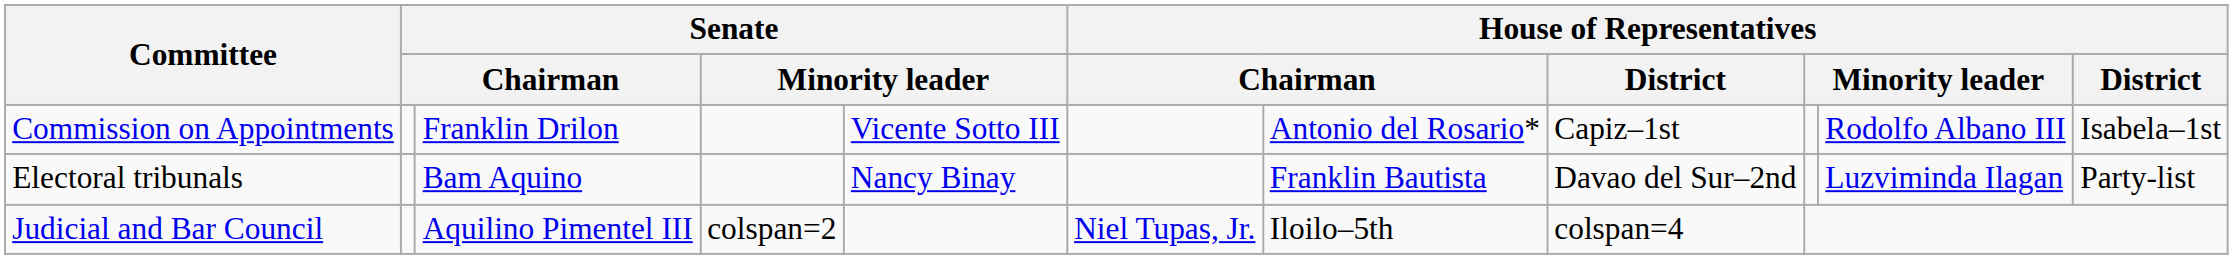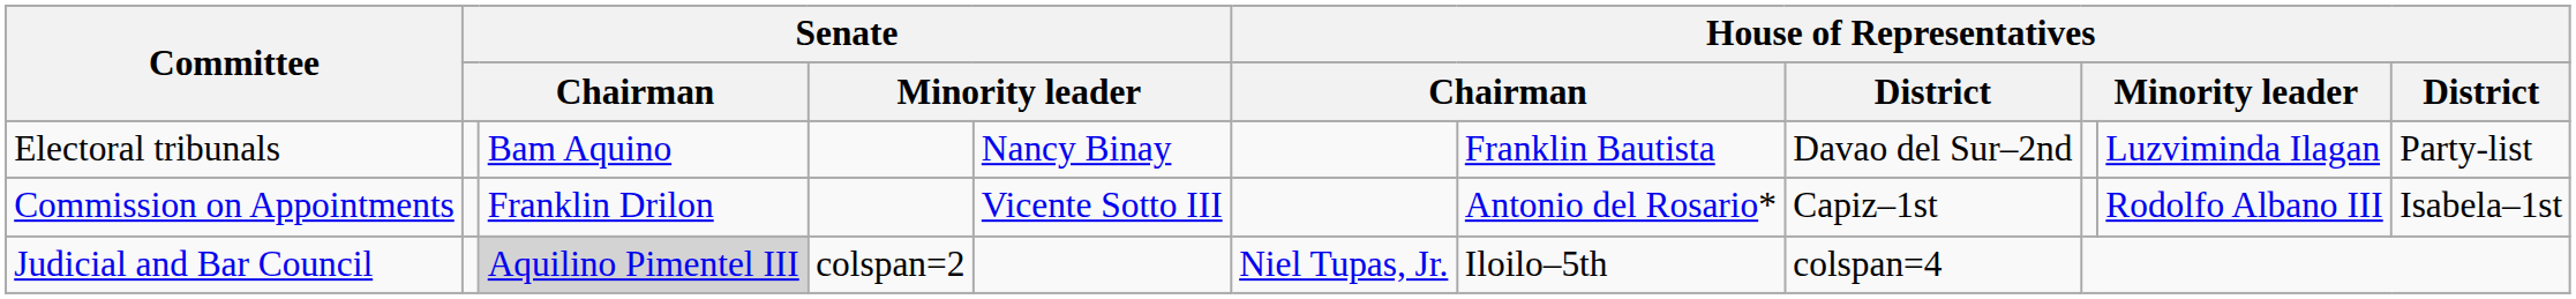 <table class=wikitable>
 <tr>
 <th rowspan=2>Committee</th>
 <th colspan=4>Senate</th>
 <th colspan=6>House of Representatives</th>
 </tr>
 <tr>
 <th colspan=2>Chairman</th>
 <th colspan=2>Minority leader</th>
 <th colspan=2>Chairman</th>
 <th>District</th>
 <th colspan=2>Minority leader</th>
 <th>District</th>
 </tr>
 <tr>
+<td>Electoral tribunals</td>
+<td></td>
+<td><a href='#'>Bam Aquino</a></td>
+<td></td>
+<td><a href='#'>Nancy Binay</a></td>
+<td></td>
+<td><a href='#'>Franklin Bautista</a></td>
+<td>Davao del Sur–2nd</td>
+<td></td>
+<td><a href='#'>Luzviminda Ilagan</a></td>
+<td>Party-list</td>
+</tr>
+<tr>
 <td><a href='#'>Commission on Appointments</a></td>
 <td></td>
 <td><a href='#'>Franklin Drilon</a></td>
 <td></td>
 <td><a href='#'>Vicente Sotto III</a></td>
 <td></td>
 <td><a href='#'>Antonio del Rosario</a>*</td>
 <td>Capiz–1st</td>
 <td></td>
 <td><a href='#'>Rodolfo Albano III</a></td>
 <td>Isabela–1st</td>
 </tr>
 <tr>
-<td>Electoral tribunals</td>
-<td></td>
-<td><a href='#'>Bam Aquino</a></td>
-<td></td>
-<td><a href='#'>Nancy Binay</a></td>
-<td></td>
-<td><a href='#'>Franklin Bautista</a></td>
-<td>Davao del Sur–2nd</td>
-<td></td>
-<td><a href='#'>Luzviminda Ilagan</a></td>
-<td>Party-list</td>
-</tr>
-<tr>
 <td><a href='#'>Judicial and Bar Council</a></td>
 <td></td>
-<td><a href='#'>Aquilino Pimentel III</a></td>
+<td style="background: lightgrey;"><a href='#'>Aquilino Pimentel III</a></td>
 <td>colspan=2 </td>
 <td></td>
 <td><a href='#'>Niel Tupas, Jr.</a></td>
 <td>Iloilo–5th</td>
 <td>colspan=4 </td>
 </tr>
 </table>
